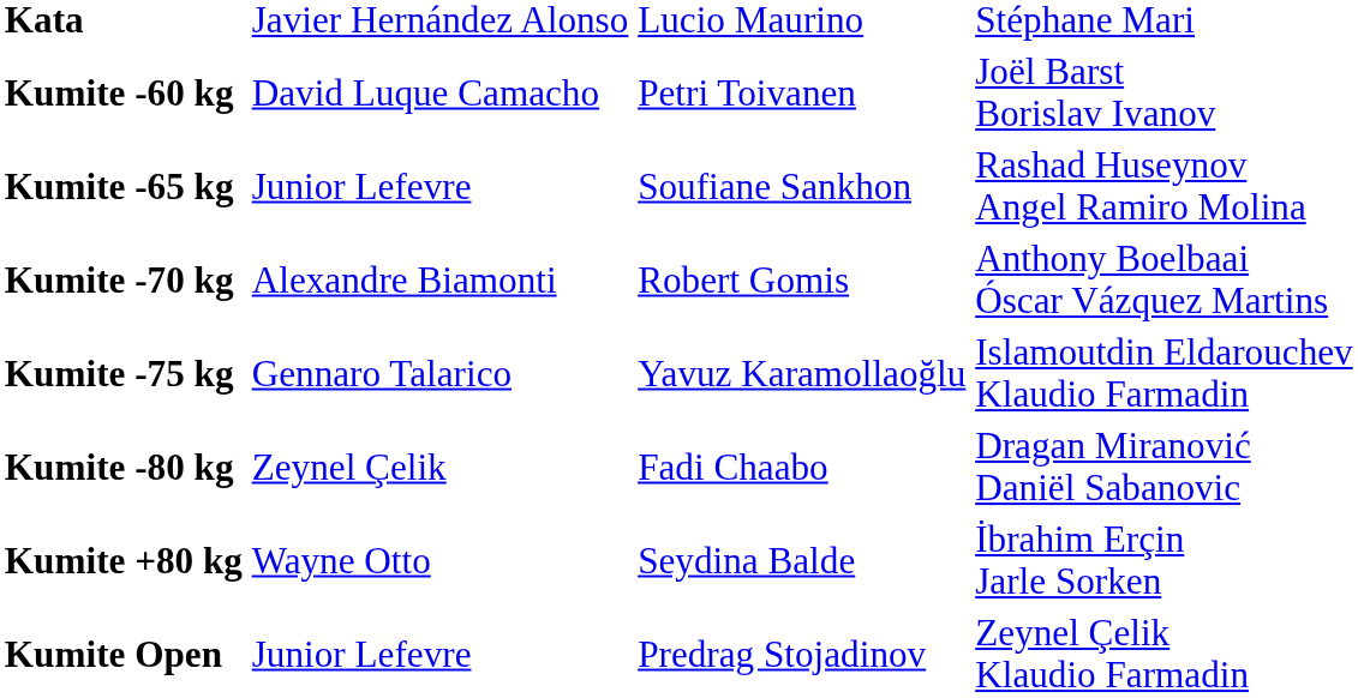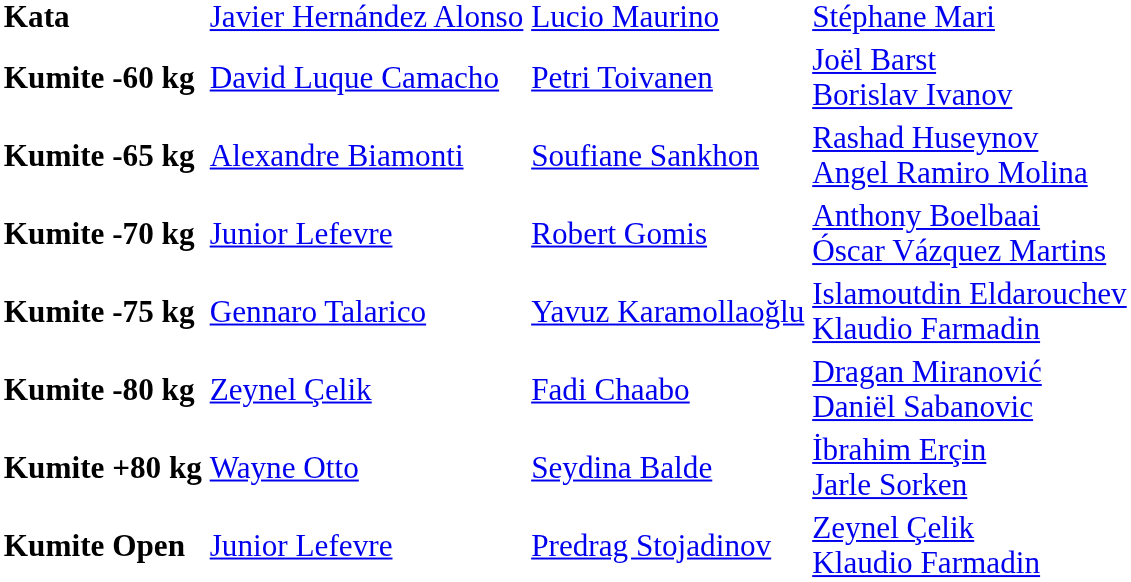 <table>
 <tr>
 <td><strong>Kata</strong></td>
 <td> <a href='#'>Javier Hernández Alonso</a></td>
 <td> <a href='#'>Lucio Maurino</a></td>
 <td> <a href='#'>Stéphane Mari</a></td>
 </tr>
 <tr>
 <td><strong>Kumite -60 kg</strong></td>
 <td> <a href='#'>David Luque Camacho</a></td>
 <td> <a href='#'>Petri Toivanen</a></td>
 <td> <a href='#'>Joël Barst</a> <br>  <a href='#'>Borislav Ivanov</a></td>
 </tr>
 <tr>
 <td><strong>Kumite -65 kg</strong></td>
-<td> <a href='#'>Junior Lefevre</a></td>
+<td> <a href='#'>Alexandre Biamonti</a></td>
 <td> <a href='#'>Soufiane Sankhon</a></td>
 <td> <a href='#'>Rashad Huseynov</a> <br>  <a href='#'>Angel Ramiro Molina</a></td>
 </tr>
 <tr>
 <td><strong>Kumite -70 kg</strong></td>
-<td> <a href='#'>Alexandre Biamonti</a></td>
+<td> <a href='#'>Junior Lefevre</a></td>
 <td> <a href='#'>Robert Gomis</a></td>
 <td> <a href='#'>Anthony Boelbaai</a> <br>  <a href='#'>Óscar Vázquez Martins</a></td>
 </tr>
 <tr>
 <td><strong>Kumite -75 kg</strong></td>
 <td> <a href='#'>Gennaro Talarico</a></td>
 <td> <a href='#'>Yavuz Karamollaoğlu</a></td>
 <td> <a href='#'>Islamoutdin Eldarouchev</a> <br>  <a href='#'>Klaudio Farmadin</a></td>
 </tr>
 <tr>
 <td><strong>Kumite -80 kg</strong></td>
 <td> <a href='#'>Zeynel Çelik</a></td>
 <td> <a href='#'>Fadi Chaabo</a></td>
 <td> <a href='#'>Dragan Miranović</a> <br>  <a href='#'>Daniël Sabanovic</a></td>
 </tr>
 <tr>
 <td><strong>Kumite +80 kg</strong></td>
 <td> <a href='#'>Wayne Otto</a></td>
 <td> <a href='#'>Seydina Balde</a></td>
 <td> <a href='#'>İbrahim Erçin</a> <br>  <a href='#'>Jarle Sorken</a></td>
 </tr>
 <tr>
 <td><strong>Kumite Open</strong></td>
 <td> <a href='#'>Junior Lefevre</a></td>
 <td> <a href='#'>Predrag Stojadinov</a></td>
 <td> <a href='#'>Zeynel Çelik</a> <br>  <a href='#'>Klaudio Farmadin</a></td>
 </tr>
 </table>
